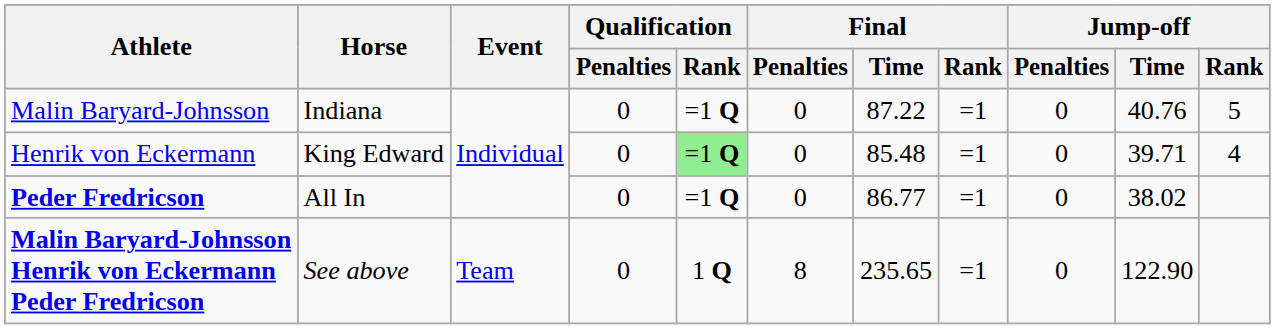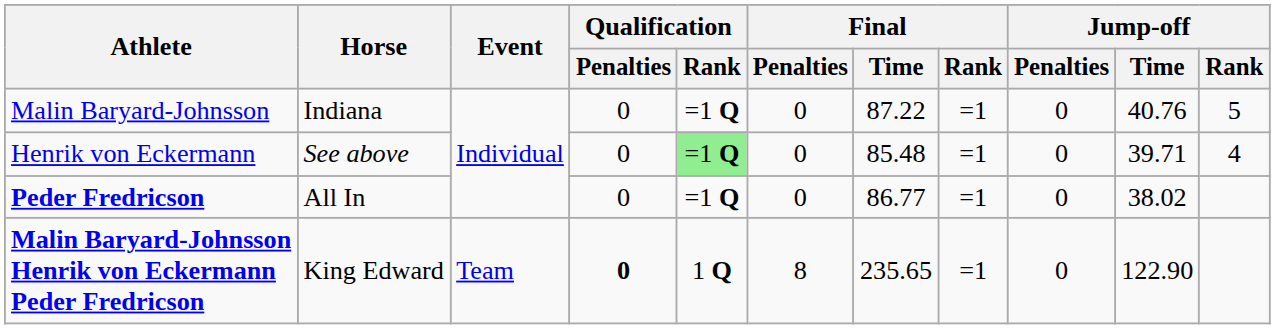 <table class="wikitable" style="font-size:90%">
 <tr>
 <th rowspan="2">Athlete</th>
 <th rowspan="2">Horse</th>
 <th rowspan="2">Event</th>
 <th colspan="2">Qualification</th>
 <th colspan="3">Final</th>
 <th colspan="3">Jump-off</th>
 </tr>
 <tr style="font-size:95%">
 <th>Penalties</th>
 <th>Rank</th>
 <th>Penalties</th>
 <th>Time</th>
 <th>Rank</th>
 <th>Penalties</th>
 <th>Time</th>
 <th>Rank</th>
 </tr>
 <tr align=center>
 <td align=left><a href='#'>Malin Baryard-Johnsson</a></td>
 <td align=left>Indiana</td>
 <td align=left rowspan=3><a href='#'>Individual</a></td>
 <td>0</td>
 <td>=1 <strong>Q</strong></td>
 <td>0</td>
 <td>87.22</td>
 <td>=1</td>
 <td>0</td>
 <td>40.76</td>
 <td>5</td>
 </tr>
 <tr align=center>
 <td align=left><a href='#'>Henrik von Eckermann</a></td>
-<td align=left>King Edward</td>
+<td align=left><em>See above</em></td>
 <td>0</td>
 <td style="background: lightgreen;">=1 <strong>Q</strong></td>
 <td>0</td>
 <td>85.48</td>
 <td>=1</td>
 <td>0</td>
 <td>39.71</td>
 <td>4</td>
 </tr>
 <tr align=center>
 <td align=left><strong><a href='#'>Peder Fredricson</a></strong></td>
 <td align=left>All In</td>
 <td>0</td>
 <td>=1 <strong>Q</strong></td>
 <td>0</td>
 <td>86.77</td>
 <td>=1</td>
 <td>0</td>
 <td>38.02</td>
 <td></td>
 </tr>
 <tr align=center>
 <td align=left><strong><a href='#'>Malin Baryard-Johnsson</a><br><a href='#'>Henrik von Eckermann</a><br><a href='#'>Peder Fredricson</a></strong></td>
-<td align=left><em>See above</em></td>
+<td align=left>King Edward</td>
 <td align=left><a href='#'>Team</a></td>
-<td>0</td>
+<td><strong>0</strong></td>
 <td>1 <strong>Q</strong></td>
 <td>8</td>
 <td>235.65</td>
 <td>=1</td>
 <td>0</td>
 <td>122.90</td>
 <td></td>
 </tr>
 </table>
